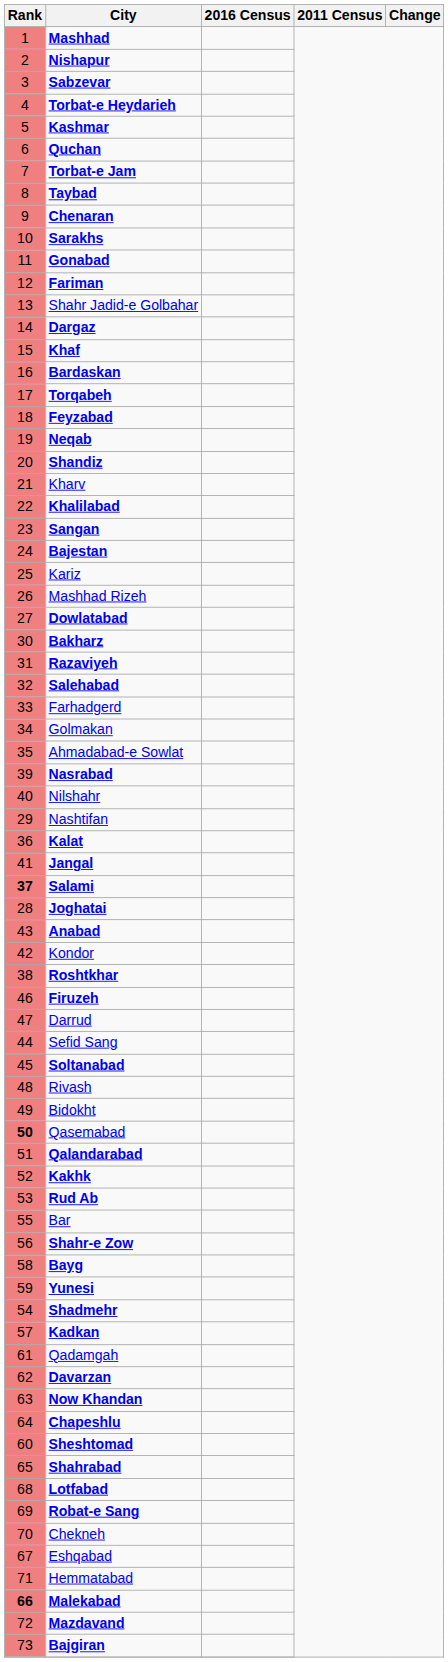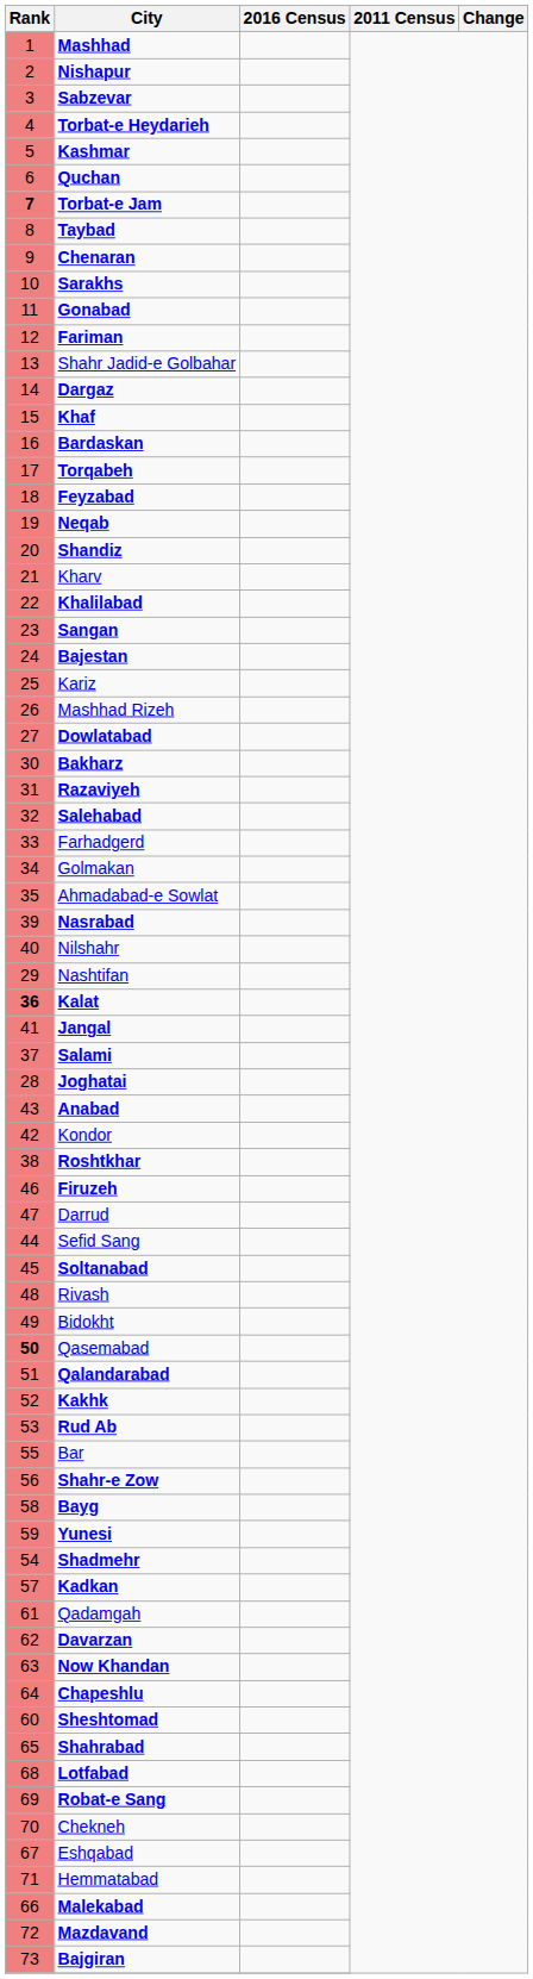 <table class="wikitable sortable">
 <tr>
 <th>Rank</th>
 <th>City</th>
 <th>2016 Census</th>
 <th>2011 Census</th>
 <th>Change</th>
 </tr>
 <tr>
 <td align=center bgcolor="F08080">1</td>
 <td><strong><a href='#'>Mashhad</a></strong></td>
 <td></td>
 </tr>
 <tr>
 <td align=center bgcolor="F08080">2</td>
 <td><strong><a href='#'>Nishapur</a></strong></td>
 <td></td>
 </tr>
 <tr>
 <td align=center bgcolor="F08080">3</td>
 <td><strong><a href='#'>Sabzevar</a></strong></td>
 <td></td>
 </tr>
 <tr>
 <td align=center bgcolor="F08080">4</td>
 <td><strong><a href='#'>Torbat-e Heydarieh</a></strong></td>
 <td></td>
 </tr>
 <tr>
 <td align=center bgcolor="F08080">5</td>
 <td><strong><a href='#'>Kashmar</a></strong></td>
 <td></td>
 </tr>
 <tr>
 <td align=center bgcolor="F08080">6</td>
 <td><strong><a href='#'>Quchan</a></strong></td>
 <td></td>
 </tr>
 <tr>
-<td align=center bgcolor="F08080">7</td>
+<td align=center bgcolor="F08080"><strong>7</strong></td>
 <td><strong><a href='#'>Torbat-e Jam</a></strong></td>
 <td></td>
 </tr>
 <tr>
 <td align=center bgcolor="F08080">8</td>
 <td><strong><a href='#'>Taybad</a></strong></td>
 <td></td>
 </tr>
 <tr>
 <td align=center bgcolor="F08080">9</td>
 <td><strong><a href='#'>Chenaran</a></strong></td>
 <td></td>
 </tr>
 <tr>
 <td align=center bgcolor="F08080">10</td>
 <td><strong><a href='#'>Sarakhs</a></strong></td>
 <td></td>
 </tr>
 <tr>
 <td align=center bgcolor="F08080">11</td>
 <td><strong><a href='#'>Gonabad</a></strong></td>
 <td></td>
 </tr>
 <tr>
 <td align=center bgcolor="F08080">12</td>
 <td><strong><a href='#'>Fariman</a></strong></td>
 <td></td>
 </tr>
 <tr>
 <td align=center bgcolor="F08080">13</td>
 <td><a href='#'>Shahr Jadid-e Golbahar</a></td>
 <td></td>
 </tr>
 <tr>
 <td align=center bgcolor="F08080">14</td>
 <td><strong><a href='#'>Dargaz</a></strong></td>
 <td></td>
 </tr>
 <tr>
 <td align=center bgcolor="F08080">15</td>
 <td><strong><a href='#'>Khaf</a></strong></td>
 <td></td>
 </tr>
 <tr>
 <td align=center bgcolor="F08080">16</td>
 <td><strong><a href='#'>Bardaskan</a></strong></td>
 <td></td>
 </tr>
 <tr>
 <td align=center bgcolor="F08080">17</td>
 <td><strong><a href='#'>Torqabeh</a></strong></td>
 <td></td>
 </tr>
 <tr>
 <td align=center bgcolor="F08080">18</td>
 <td><strong><a href='#'>Feyzabad</a></strong></td>
 <td></td>
 </tr>
 <tr>
 <td align=center bgcolor="F08080">19</td>
 <td><strong><a href='#'>Neqab</a></strong></td>
 <td></td>
 </tr>
 <tr>
 <td align=center bgcolor="F08080">20</td>
 <td><strong><a href='#'>Shandiz</a></strong></td>
 <td></td>
 </tr>
 <tr>
 <td align=center bgcolor="F08080">21</td>
 <td><a href='#'>Kharv</a></td>
 <td></td>
 </tr>
 <tr>
 <td align=center bgcolor="F08080">22</td>
 <td><strong><a href='#'>Khalilabad</a></strong></td>
 <td></td>
 </tr>
 <tr>
 <td align=center bgcolor="F08080">23</td>
 <td><strong><a href='#'>Sangan</a></strong></td>
 <td></td>
 </tr>
 <tr>
 <td align=center bgcolor="F08080">24</td>
 <td><strong><a href='#'>Bajestan</a></strong></td>
 <td></td>
 </tr>
 <tr>
 <td align=center bgcolor="F08080">25</td>
 <td><a href='#'>Kariz</a></td>
 <td></td>
 </tr>
 <tr>
 <td align=center bgcolor="F08080">26</td>
 <td><a href='#'>Mashhad Rizeh</a></td>
 <td></td>
 </tr>
 <tr>
 <td align=center bgcolor="F08080">27</td>
 <td><strong><a href='#'>Dowlatabad</a></strong></td>
 <td></td>
 </tr>
 <tr>
 <td align=center bgcolor="F08080">30</td>
 <td><strong><a href='#'>Bakharz</a></strong></td>
 <td></td>
 </tr>
 <tr>
 <td align=center bgcolor="F08080">31</td>
 <td><strong><a href='#'>Razaviyeh</a></strong></td>
 <td></td>
 </tr>
 <tr>
 <td align=center bgcolor="F08080">32</td>
 <td><strong><a href='#'>Salehabad</a></strong></td>
 <td></td>
 </tr>
 <tr>
 <td align=center bgcolor="F08080">33</td>
 <td><a href='#'>Farhadgerd</a></td>
 <td></td>
 </tr>
 <tr>
 <td align=center bgcolor="F08080">34</td>
 <td><a href='#'>Golmakan</a></td>
 <td></td>
 </tr>
 <tr>
 <td align=center bgcolor="F08080">35</td>
 <td><a href='#'>Ahmadabad-e Sowlat</a></td>
 <td></td>
 </tr>
 <tr>
 <td align=center bgcolor="F08080">39</td>
 <td><strong><a href='#'>Nasrabad</a></strong></td>
 <td></td>
 </tr>
 <tr>
 <td align=center bgcolor="F08080">40</td>
 <td><a href='#'>Nilshahr</a></td>
 <td></td>
 </tr>
 <tr>
 <td align=center bgcolor="F08080">29</td>
 <td><a href='#'>Nashtifan</a></td>
 <td></td>
 </tr>
 <tr>
-<td align=center bgcolor="F08080">36</td>
+<td align=center bgcolor="F08080"><strong>36</strong></td>
 <td><strong><a href='#'>Kalat</a></strong></td>
 <td></td>
 </tr>
 <tr>
 <td align=center bgcolor="F08080">41</td>
 <td><strong><a href='#'>Jangal</a></strong></td>
 <td></td>
 </tr>
 <tr>
-<td align=center bgcolor="F08080"><strong>37</strong></td>
+<td align=center bgcolor="F08080">37</td>
 <td><strong><a href='#'>Salami</a></strong></td>
 <td></td>
 </tr>
 <tr>
 <td align=center bgcolor="F08080">28</td>
 <td><strong><a href='#'>Joghatai</a></strong></td>
 <td></td>
 </tr>
 <tr>
 <td align=center bgcolor="F08080">43</td>
 <td><strong><a href='#'>Anabad</a></strong></td>
 <td></td>
 </tr>
 <tr>
 <td align=center bgcolor="F08080">42</td>
 <td><a href='#'>Kondor</a></td>
 <td></td>
 </tr>
 <tr>
 <td align=center bgcolor="F08080">38</td>
 <td><strong><a href='#'>Roshtkhar</a></strong></td>
 <td></td>
 </tr>
 <tr>
 <td align=center bgcolor="F08080">46</td>
 <td><strong><a href='#'>Firuzeh</a></strong></td>
 <td></td>
 </tr>
 <tr>
 <td align=center bgcolor="F08080">47</td>
 <td><a href='#'>Darrud</a></td>
 <td></td>
 </tr>
 <tr>
 <td align=center bgcolor="F08080">44</td>
 <td><a href='#'>Sefid Sang</a></td>
 <td></td>
 </tr>
 <tr>
 <td align=center bgcolor="F08080">45</td>
 <td><strong><a href='#'>Soltanabad</a></strong></td>
 <td></td>
 </tr>
 <tr>
 <td align=center bgcolor="F08080">48</td>
 <td><a href='#'>Rivash</a></td>
 <td></td>
 </tr>
 <tr>
 <td align=center bgcolor="F08080">49</td>
 <td><a href='#'>Bidokht</a></td>
 <td></td>
 </tr>
 <tr>
 <td align=center bgcolor="F08080"><strong>50</strong></td>
 <td><a href='#'>Qasemabad</a></td>
 <td></td>
 </tr>
 <tr>
 <td align=center bgcolor="F08080">51</td>
 <td><strong><a href='#'>Qalandarabad</a></strong></td>
 <td></td>
 </tr>
 <tr>
 <td align=center bgcolor="F08080">52</td>
 <td><strong><a href='#'>Kakhk</a></strong></td>
 <td></td>
 </tr>
 <tr>
 <td align=center bgcolor="F08080">53</td>
 <td><strong><a href='#'>Rud Ab</a></strong></td>
 <td></td>
 </tr>
 <tr>
 <td align=center bgcolor="F08080">55</td>
 <td><a href='#'>Bar</a></td>
 <td></td>
 </tr>
 <tr>
 <td align=center bgcolor="F08080">56</td>
 <td><strong><a href='#'>Shahr-e Zow</a></strong></td>
 <td></td>
 </tr>
 <tr>
 <td align=center bgcolor="F08080">58</td>
 <td><strong><a href='#'>Bayg</a></strong></td>
 <td></td>
 </tr>
 <tr>
 <td align=center bgcolor="F08080">59</td>
 <td><strong><a href='#'>Yunesi</a></strong></td>
 <td></td>
 </tr>
 <tr>
 <td align=center bgcolor="F08080">54</td>
 <td><strong><a href='#'>Shadmehr</a></strong></td>
 <td></td>
 </tr>
 <tr>
 <td align=center bgcolor="F08080">57</td>
 <td><strong><a href='#'>Kadkan</a></strong></td>
 <td></td>
 </tr>
 <tr>
 <td align=center bgcolor="F08080">61</td>
 <td><a href='#'>Qadamgah</a></td>
 <td></td>
 </tr>
 <tr>
 <td align=center bgcolor="F08080">62</td>
 <td><strong><a href='#'>Davarzan</a></strong></td>
 <td></td>
 </tr>
 <tr>
 <td align=center bgcolor="F08080">63</td>
 <td><strong><a href='#'>Now Khandan</a></strong></td>
 <td></td>
 </tr>
 <tr>
 <td align=center bgcolor="F08080">64</td>
 <td><strong><a href='#'>Chapeshlu</a></strong></td>
 <td></td>
 </tr>
 <tr>
 <td align=center bgcolor="F08080">60</td>
 <td><strong><a href='#'>Sheshtomad</a></strong></td>
 <td></td>
 </tr>
 <tr>
 <td align=center bgcolor="F08080">65</td>
 <td><strong><a href='#'>Shahrabad</a></strong></td>
 <td></td>
 </tr>
 <tr>
 <td align=center bgcolor="F08080">68</td>
 <td><strong><a href='#'>Lotfabad</a></strong></td>
 <td></td>
 </tr>
 <tr>
 <td align=center bgcolor="F08080">69</td>
 <td><strong><a href='#'>Robat-e Sang</a></strong></td>
 <td></td>
 </tr>
 <tr>
 <td align=center bgcolor="F08080">70</td>
 <td><a href='#'>Chekneh</a></td>
 <td></td>
 </tr>
 <tr>
 <td align=center bgcolor="F08080">67</td>
 <td><a href='#'>Eshqabad</a></td>
 <td></td>
 </tr>
 <tr>
 <td align=center bgcolor="F08080">71</td>
 <td><a href='#'>Hemmatabad</a></td>
 <td></td>
 </tr>
 <tr>
-<td align=center bgcolor="F08080"><strong>66</strong></td>
+<td align=center bgcolor="F08080">66</td>
 <td><strong><a href='#'>Malekabad</a></strong></td>
 <td></td>
 </tr>
 <tr>
 <td align=center bgcolor="F08080">72</td>
 <td><strong><a href='#'>Mazdavand</a></strong></td>
 <td></td>
 </tr>
 <tr>
 <td align=center bgcolor="F08080">73</td>
 <td><strong><a href='#'>Bajgiran</a></strong></td>
 <td></td>
 </tr>
 <tr>
 </tr>
 </table>
